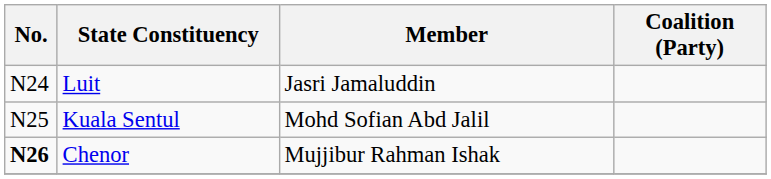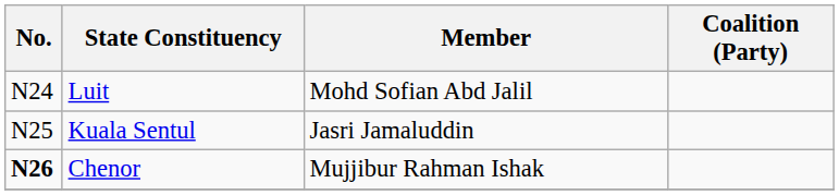 <table class="wikitable">
 <tr>
 <th width="30">No.</th>
 <th width="150">State Constituency</th>
 <th width="230">Member</th>
 <th width="100">Coalition (Party)</th>
 </tr>
 <tr>
 <td>N24</td>
 <td><a href='#'>Luit</a></td>
-<td>Jasri Jamaluddin</td>
+<td>Mohd Sofian Abd Jalil</td>
 <td></td>
 </tr>
 <tr>
 <td>N25</td>
 <td><a href='#'>Kuala Sentul</a></td>
-<td>Mohd Sofian Abd Jalil</td>
+<td>Jasri Jamaluddin</td>
 <td></td>
 </tr>
 <tr>
 <td><strong>N26</strong></td>
 <td><a href='#'>Chenor</a></td>
 <td>Mujjibur Rahman Ishak</td>
 <td></td>
 </tr>
 <tr>
 </tr>
 </table>
